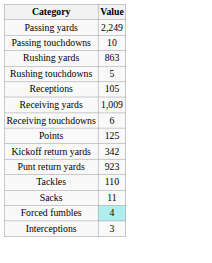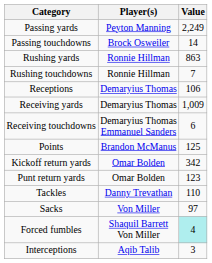 <table class="wikitable" style="text-align:center">
 <tr>
 <th>Category</th>
+<th>Player(s)</th>
 <th>Value</th>
 </tr>
 <tr>
 <td>Passing yards</td>
+<td><a href='#'>Peyton Manning</a></td>
 <td>2,249</td>
 </tr>
 <tr>
 <td>Passing touchdowns</td>
-<td>10</td>
+<td><a href='#'>Brock Osweiler</a></td>
+<td>14</td>
 </tr>
 <tr>
 <td>Rushing yards</td>
+<td><a href='#'>Ronnie Hillman</a></td>
 <td>863</td>
 </tr>
 <tr>
 <td>Rushing touchdowns</td>
-<td>5</td>
+<td>Ronnie Hillman</td>
+<td>7</td>
 </tr>
 <tr>
 <td>Receptions</td>
-<td>105</td>
+<td><a href='#'>Demaryius Thomas</a></td>
+<td>106</td>
 </tr>
 <tr>
 <td>Receiving yards</td>
+<td>Demaryius Thomas</td>
 <td>1,009</td>
 </tr>
 <tr>
 <td>Receiving touchdowns</td>
+<td>Demaryius Thomas<br><a href='#'>Emmanuel Sanders</a></td>
 <td>6</td>
 </tr>
 <tr>
 <td>Points</td>
+<td><a href='#'>Brandon McManus</a></td>
 <td>125</td>
 </tr>
 <tr>
 <td>Kickoff return yards</td>
+<td><a href='#'>Omar Bolden</a></td>
 <td>342</td>
 </tr>
 <tr>
 <td>Punt return yards</td>
-<td>923</td>
+<td>Omar Bolden</td>
+<td>123</td>
 </tr>
 <tr>
 <td>Tackles</td>
+<td><a href='#'>Danny Trevathan</a></td>
 <td>110</td>
 </tr>
 <tr>
 <td>Sacks</td>
-<td>11</td>
+<td><a href='#'>Von Miller</a></td>
+<td>97</td>
 </tr>
 <tr>
 <td>Forced fumbles</td>
+<td><a href='#'>Shaquil Barrett</a><br>Von Miller</td>
 <td style="background: paleturquoise;">4</td>
 </tr>
 <tr>
 <td>Interceptions</td>
+<td><a href='#'>Aqib Talib</a></td>
 <td>3</td>
 </tr>
 </table>
